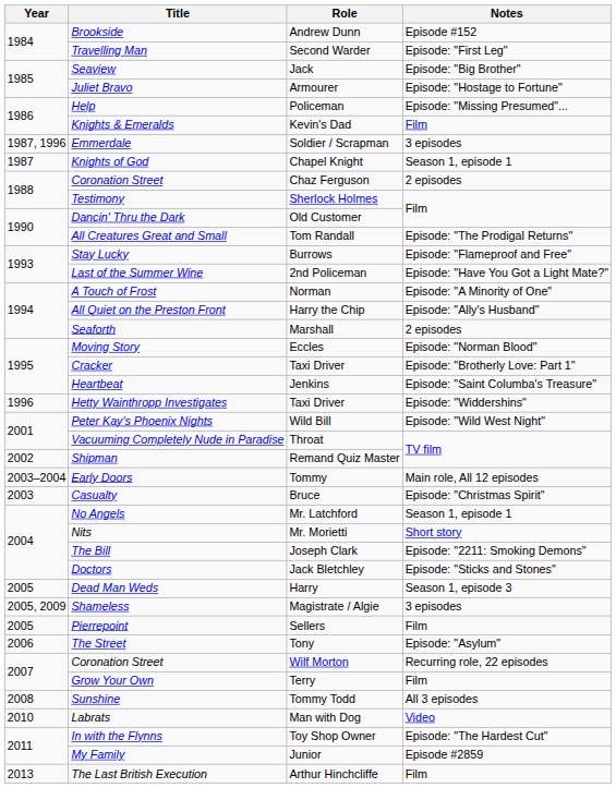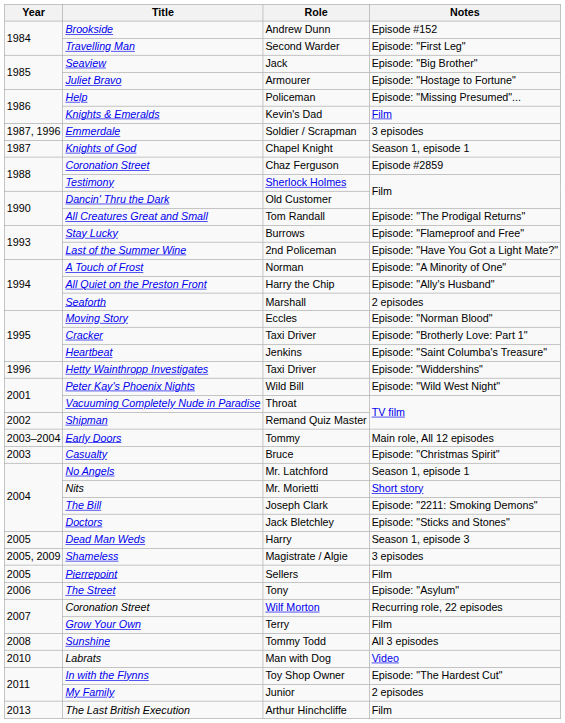 <table class="wikitable sortable">
 <tr>
 <th>Year</th>
 <th>Title</th>
 <th>Role</th>
 <th>Notes</th>
 </tr>
 <tr>
 <td rowspan="2">1984</td>
 <td><em><a href='#'>Brookside</a></em></td>
 <td>Andrew Dunn</td>
 <td>Episode #152</td>
 </tr>
 <tr>
 <td><em><a href='#'>Travelling Man</a></em></td>
 <td>Second Warder</td>
 <td>Episode: "First Leg"</td>
 </tr>
 <tr>
 <td rowspan="2">1985</td>
 <td><em><a href='#'>Seaview</a></em></td>
 <td>Jack</td>
 <td>Episode: "Big Brother"</td>
 </tr>
 <tr>
 <td><em><a href='#'>Juliet Bravo</a></em></td>
 <td>Armourer</td>
 <td>Episode: "Hostage to Fortune"</td>
 </tr>
 <tr>
 <td rowspan="2">1986</td>
 <td><em><a href='#'>Help</a></em></td>
 <td>Policeman</td>
 <td>Episode: "Missing Presumed"...</td>
 </tr>
 <tr>
 <td><em><a href='#'>Knights & Emeralds</a></em></td>
 <td>Kevin's Dad</td>
 <td><a href='#'>Film</a></td>
 </tr>
 <tr>
 <td>1987, 1996</td>
 <td><em><a href='#'>Emmerdale</a></em></td>
 <td>Soldier / Scrapman</td>
 <td>3 episodes</td>
 </tr>
 <tr>
 <td>1987</td>
 <td><em><a href='#'>Knights of God</a></em></td>
 <td>Chapel Knight</td>
 <td>Season 1, episode 1</td>
 </tr>
 <tr>
 <td rowspan="2">1988</td>
 <td><em><a href='#'>Coronation Street</a></em></td>
 <td>Chaz Ferguson</td>
-<td>2 episodes</td>
+<td>Episode #2859</td>
 </tr>
 <tr>
 <td><em><a href='#'>Testimony</a></em></td>
 <td><a href='#'>Sherlock Holmes</a></td>
 <td rowspan="2">Film</td>
 </tr>
 <tr>
 <td rowspan="2">1990</td>
 <td><em><a href='#'>Dancin' Thru the Dark</a></em></td>
 <td>Old Customer</td>
 </tr>
 <tr>
 <td><em><a href='#'>All Creatures Great and Small</a></em></td>
 <td>Tom Randall</td>
 <td>Episode: "The Prodigal Returns"</td>
 </tr>
 <tr>
 <td rowspan="2">1993</td>
 <td><em><a href='#'>Stay Lucky</a></em></td>
 <td>Burrows</td>
 <td>Episode: "Flameproof and Free"</td>
 </tr>
 <tr>
 <td><em><a href='#'>Last of the Summer Wine</a></em></td>
 <td>2nd Policeman</td>
 <td>Episode: "Have You Got a Light Mate?"</td>
 </tr>
 <tr>
 <td rowspan="3">1994</td>
 <td><em><a href='#'>A Touch of Frost</a></em></td>
 <td>Norman</td>
 <td>Episode: "A Minority of One"</td>
 </tr>
 <tr>
 <td><em><a href='#'>All Quiet on the Preston Front</a></em></td>
 <td>Harry the Chip</td>
 <td>Episode: "Ally's Husband"</td>
 </tr>
 <tr>
 <td><em><a href='#'>Seaforth</a></em></td>
 <td>Marshall</td>
 <td>2 episodes</td>
 </tr>
 <tr>
 <td rowspan="3">1995</td>
 <td><em><a href='#'>Moving Story</a></em></td>
 <td>Eccles</td>
 <td>Episode: "Norman Blood"</td>
 </tr>
 <tr>
 <td><em><a href='#'>Cracker</a></em></td>
 <td>Taxi Driver</td>
 <td>Episode: "Brotherly Love: Part 1"</td>
 </tr>
 <tr>
 <td><em><a href='#'>Heartbeat</a></em></td>
 <td>Jenkins</td>
 <td>Episode: "Saint Columba's Treasure"</td>
 </tr>
 <tr>
 <td>1996</td>
 <td><em><a href='#'>Hetty Wainthropp Investigates</a></em></td>
 <td>Taxi Driver</td>
 <td>Episode: "Widdershins"</td>
 </tr>
 <tr>
 <td rowspan="2">2001</td>
 <td><em><a href='#'>Peter Kay's Phoenix Nights</a></em></td>
 <td>Wild Bill</td>
 <td>Episode: "Wild West Night"</td>
 </tr>
 <tr>
 <td><em><a href='#'>Vacuuming Completely Nude in Paradise</a></em></td>
 <td>Throat</td>
 <td rowspan="2"><a href='#'>TV film</a></td>
 </tr>
 <tr>
 <td>2002</td>
 <td><em><a href='#'>Shipman</a></em></td>
 <td>Remand Quiz Master</td>
 </tr>
 <tr>
 <td>2003–2004</td>
 <td><em><a href='#'>Early Doors</a></em></td>
 <td>Tommy</td>
 <td>Main role, All 12 episodes</td>
 </tr>
 <tr>
 <td>2003</td>
 <td><em><a href='#'>Casualty</a></em></td>
 <td>Bruce</td>
 <td>Episode: "Christmas Spirit"</td>
 </tr>
 <tr>
 <td rowspan="4">2004</td>
 <td><em><a href='#'>No Angels</a></em></td>
 <td>Mr. Latchford</td>
 <td>Season 1, episode 1</td>
 </tr>
 <tr>
 <td><em>Nits</em></td>
 <td>Mr. Morietti</td>
 <td><a href='#'>Short story</a></td>
 </tr>
 <tr>
 <td><em><a href='#'>The Bill</a></em></td>
 <td>Joseph Clark</td>
 <td>Episode: "2211: Smoking Demons"</td>
 </tr>
 <tr>
 <td><em><a href='#'>Doctors</a></em></td>
 <td>Jack Bletchley</td>
 <td>Episode: "Sticks and Stones"</td>
 </tr>
 <tr>
 <td>2005</td>
 <td><em><a href='#'>Dead Man Weds</a></em></td>
 <td>Harry</td>
 <td>Season 1, episode 3</td>
 </tr>
 <tr>
 <td>2005, 2009</td>
 <td><em><a href='#'>Shameless</a></em></td>
 <td>Magistrate / Algie</td>
 <td>3 episodes</td>
 </tr>
 <tr>
 <td>2005</td>
 <td><em><a href='#'>Pierrepoint</a></em></td>
 <td>Sellers</td>
 <td>Film</td>
 </tr>
 <tr>
 <td>2006</td>
 <td><em><a href='#'>The Street</a></em></td>
 <td>Tony</td>
 <td>Episode: "Asylum"</td>
 </tr>
 <tr>
 <td rowspan="2">2007</td>
 <td><em>Coronation Street</em></td>
 <td><a href='#'>Wilf Morton</a></td>
 <td>Recurring role, 22 episodes</td>
 </tr>
 <tr>
 <td><em><a href='#'>Grow Your Own</a></em></td>
 <td>Terry</td>
 <td>Film</td>
 </tr>
 <tr>
 <td>2008</td>
 <td><em><a href='#'>Sunshine</a></em></td>
 <td>Tommy Todd</td>
 <td>All 3 episodes</td>
 </tr>
 <tr>
 <td>2010</td>
 <td><em>Labrats</em></td>
 <td>Man with Dog</td>
 <td><a href='#'>Video</a></td>
 </tr>
 <tr>
 <td rowspan="2">2011</td>
 <td><em><a href='#'>In with the Flynns</a></em></td>
 <td>Toy Shop Owner</td>
 <td>Episode: "The Hardest Cut"</td>
 </tr>
 <tr>
 <td><em><a href='#'>My Family</a></em></td>
 <td>Junior</td>
-<td>Episode #2859</td>
+<td>2 episodes</td>
 </tr>
 <tr>
 <td>2013</td>
 <td><em>The Last British Execution</em></td>
 <td>Arthur Hinchcliffe</td>
 <td>Film</td>
 </tr>
 </table>
